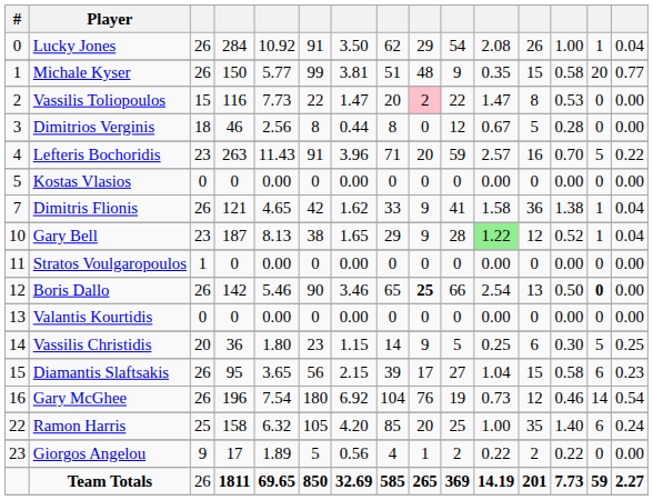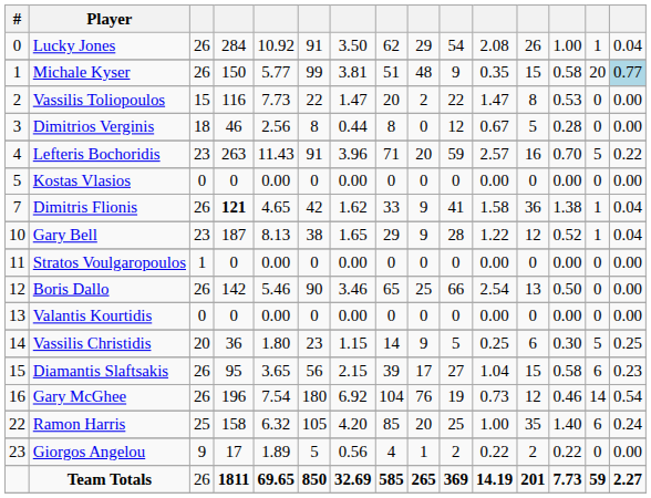 <table class="wikitable sortable" style="font-size:90%; text-align:center;">
 <tr>
 <th>#</th>
 <th>Player</th>
 <th></th>
 <th></th>
 <th></th>
 <th></th>
 <th></th>
 <th></th>
 <th></th>
 <th></th>
 <th></th>
 <th></th>
 <th></th>
 <th></th>
 <th></th>
 </tr>
 <tr>
 <td>0</td>
 <td align="left"> <a href='#'>Lucky Jones</a></td>
 <td>26</td>
 <td>284</td>
 <td>10.92</td>
 <td>91</td>
 <td>3.50</td>
 <td>62</td>
 <td>29</td>
 <td>54</td>
 <td>2.08</td>
 <td>26</td>
 <td>1.00</td>
 <td>1</td>
 <td>0.04</td>
 </tr>
 <tr>
 </tr>
 <tr>
 <td>1</td>
 <td align="left"> <a href='#'>Michale Kyser</a></td>
 <td>26</td>
 <td>150</td>
 <td>5.77</td>
 <td>99</td>
 <td>3.81</td>
 <td>51</td>
 <td>48</td>
 <td>9</td>
 <td>0.35</td>
 <td>15</td>
 <td>0.58</td>
 <td>20</td>
-<td>0.77</td>
+<td style="background: lightblue;">0.77</td>
 </tr>
 <tr>
 </tr>
 <tr>
 <td>2</td>
 <td align="left"> <a href='#'>Vassilis Toliopoulos</a></td>
 <td>15</td>
 <td>116</td>
 <td>7.73</td>
 <td>22</td>
 <td>1.47</td>
 <td>20</td>
-<td style="background: pink;">2</td>
+<td>2</td>
 <td>22</td>
 <td>1.47</td>
 <td>8</td>
 <td>0.53</td>
 <td>0</td>
 <td>0.00</td>
 </tr>
 <tr>
 </tr>
 <tr>
 <td>3</td>
 <td align="left"> <a href='#'>Dimitrios Verginis</a></td>
 <td>18</td>
 <td>46</td>
 <td>2.56</td>
 <td>8</td>
 <td>0.44</td>
 <td>8</td>
 <td>0</td>
 <td>12</td>
 <td>0.67</td>
 <td>5</td>
 <td>0.28</td>
 <td>0</td>
 <td>0.00</td>
 </tr>
 <tr>
 </tr>
 <tr>
 <td>4</td>
 <td align="left"> <a href='#'>Lefteris Bochoridis</a></td>
 <td>23</td>
 <td>263</td>
 <td>11.43</td>
 <td>91</td>
 <td>3.96</td>
 <td>71</td>
 <td>20</td>
 <td>59</td>
 <td>2.57</td>
 <td>16</td>
 <td>0.70</td>
 <td>5</td>
 <td>0.22</td>
 </tr>
 <tr>
 </tr>
 <tr>
 <td>5</td>
 <td align="left"> <a href='#'>Kostas Vlasios</a></td>
 <td>0</td>
 <td>0</td>
 <td>0.00</td>
 <td>0</td>
 <td>0.00</td>
 <td>0</td>
 <td>0</td>
 <td>0</td>
 <td>0.00</td>
 <td>0</td>
 <td>0.00</td>
 <td>0</td>
 <td>0.00</td>
 </tr>
 <tr>
 </tr>
 <tr>
 <td>7</td>
 <td align="left"> <a href='#'>Dimitris Flionis</a></td>
 <td>26</td>
-<td>121</td>
+<td><strong>121</strong></td>
 <td>4.65</td>
 <td>42</td>
 <td>1.62</td>
 <td>33</td>
 <td>9</td>
 <td>41</td>
 <td>1.58</td>
 <td>36</td>
 <td>1.38</td>
 <td>1</td>
 <td>0.04</td>
 </tr>
 <tr>
 </tr>
 <tr>
 <td>10</td>
 <td align="left"> <a href='#'>Gary Bell</a></td>
 <td>23</td>
 <td>187</td>
 <td>8.13</td>
 <td>38</td>
 <td>1.65</td>
 <td>29</td>
 <td>9</td>
 <td>28</td>
-<td style="background: lightgreen;">1.22</td>
+<td>1.22</td>
 <td>12</td>
 <td>0.52</td>
 <td>1</td>
 <td>0.04</td>
 </tr>
 <tr>
 </tr>
 <tr>
 <td>11</td>
 <td align="left"> <a href='#'>Stratos Voulgaropoulos</a></td>
 <td>1</td>
 <td>0</td>
 <td>0.00</td>
 <td>0</td>
 <td>0.00</td>
 <td>0</td>
 <td>0</td>
 <td>0</td>
 <td>0.00</td>
 <td>0</td>
 <td>0.00</td>
 <td>0</td>
 <td>0.00</td>
 </tr>
 <tr>
 </tr>
 <tr>
 <td>12</td>
 <td align="left"> <a href='#'>Boris Dallo</a></td>
 <td>26</td>
 <td>142</td>
 <td>5.46</td>
 <td>90</td>
 <td>3.46</td>
 <td>65</td>
-<td><strong>25</strong></td>
+<td>25</td>
 <td>66</td>
 <td>2.54</td>
 <td>13</td>
 <td>0.50</td>
-<td><strong>0</strong></td>
+<td>0</td>
 <td>0.00</td>
 </tr>
 <tr>
 </tr>
 <tr>
 <td>13</td>
 <td align="left"> <a href='#'>Valantis Kourtidis</a></td>
 <td>0</td>
 <td>0</td>
 <td>0.00</td>
 <td>0</td>
 <td>0.00</td>
 <td>0</td>
 <td>0</td>
 <td>0</td>
 <td>0.00</td>
 <td>0</td>
 <td>0.00</td>
 <td>0</td>
 <td>0.00</td>
 </tr>
 <tr>
 </tr>
 <tr>
 <td>14</td>
 <td align="left"> <a href='#'>Vassilis Christidis</a></td>
 <td>20</td>
 <td>36</td>
 <td>1.80</td>
 <td>23</td>
 <td>1.15</td>
 <td>14</td>
 <td>9</td>
 <td>5</td>
 <td>0.25</td>
 <td>6</td>
 <td>0.30</td>
 <td>5</td>
 <td>0.25</td>
 </tr>
 <tr>
 </tr>
 <tr>
 <td>15</td>
 <td align="left"> <a href='#'>Diamantis Slaftsakis</a></td>
 <td>26</td>
 <td>95</td>
 <td>3.65</td>
 <td>56</td>
 <td>2.15</td>
 <td>39</td>
 <td>17</td>
 <td>27</td>
 <td>1.04</td>
 <td>15</td>
 <td>0.58</td>
 <td>6</td>
 <td>0.23</td>
 </tr>
 <tr>
 </tr>
 <tr>
 <td>16</td>
 <td align="left"> <a href='#'>Gary McGhee</a></td>
 <td>26</td>
 <td>196</td>
 <td>7.54</td>
 <td>180</td>
 <td>6.92</td>
 <td>104</td>
 <td>76</td>
 <td>19</td>
 <td>0.73</td>
 <td>12</td>
 <td>0.46</td>
 <td>14</td>
 <td>0.54</td>
 </tr>
 <tr>
 </tr>
 <tr>
 <td>22</td>
 <td align="left"> <a href='#'>Ramon Harris</a></td>
 <td>25</td>
 <td>158</td>
 <td>6.32</td>
 <td>105</td>
 <td>4.20</td>
 <td>85</td>
 <td>20</td>
 <td>25</td>
 <td>1.00</td>
 <td>35</td>
 <td>1.40</td>
 <td>6</td>
 <td>0.24</td>
 </tr>
 <tr>
 </tr>
 <tr>
 <td>23</td>
 <td align="left"> <a href='#'>Giorgos Angelou</a></td>
 <td>9</td>
 <td>17</td>
 <td>1.89</td>
 <td>5</td>
 <td>0.56</td>
 <td>4</td>
 <td>1</td>
 <td>2</td>
 <td>0.22</td>
 <td>2</td>
 <td>0.22</td>
 <td>0</td>
 <td>0.00</td>
 </tr>
 <tr>
 </tr>
 <tr>
 <td></td>
 <td><strong>Team Totals</strong></td>
 <td>26</td>
 <td><strong>1811</strong></td>
 <td><strong>69.65</strong></td>
 <td><strong>850</strong></td>
 <td><strong>32.69</strong></td>
 <td><strong>585</strong></td>
 <td><strong>265</strong></td>
 <td><strong>369</strong></td>
 <td><strong>14.19</strong></td>
 <td><strong>201</strong></td>
 <td><strong>7.73</strong></td>
 <td><strong>59</strong></td>
 <td><strong>2.27</strong></td>
 </tr>
 <tr>
 </tr>
 </table>
